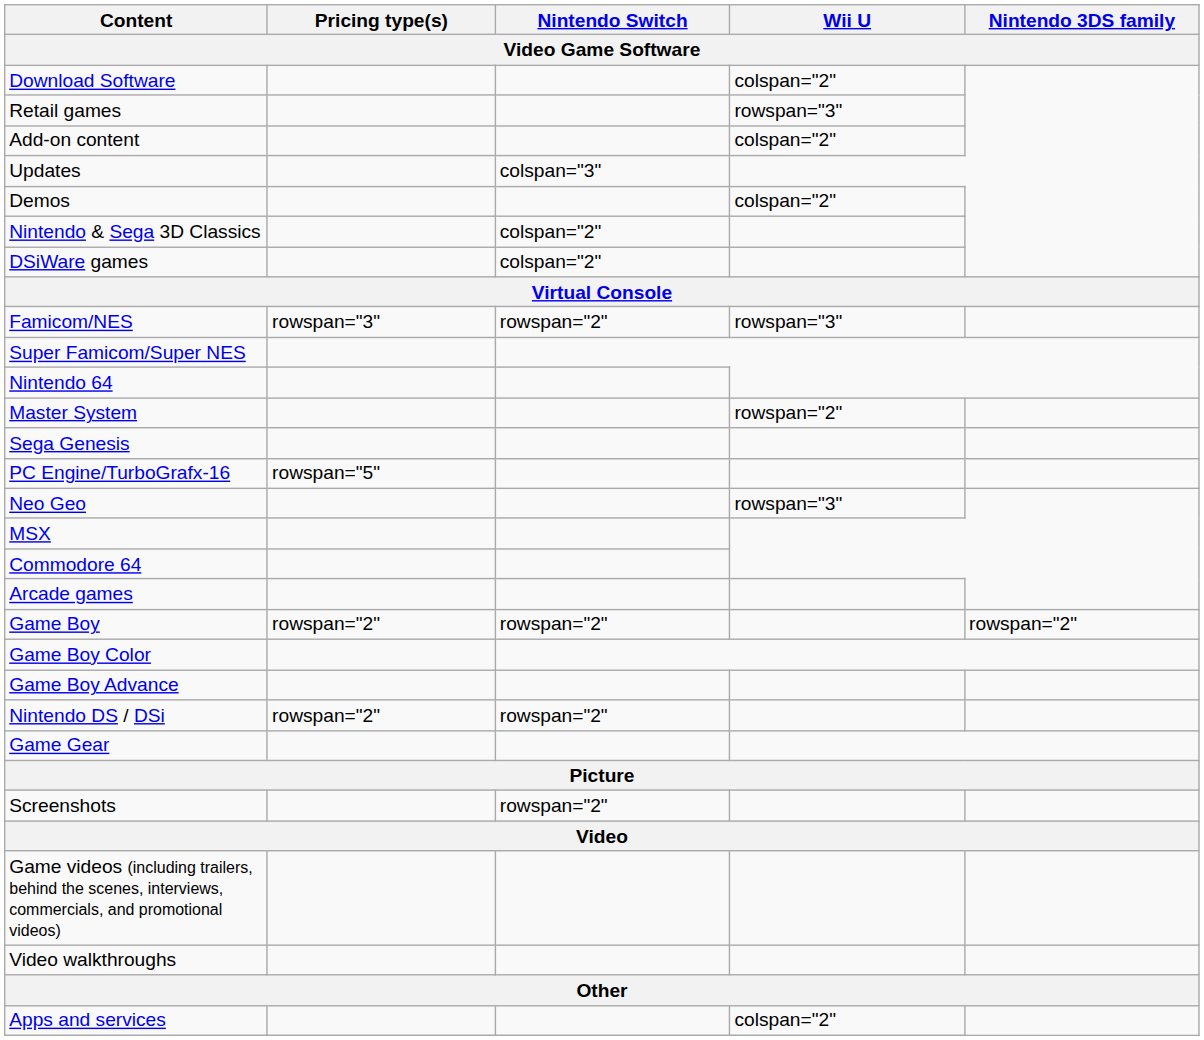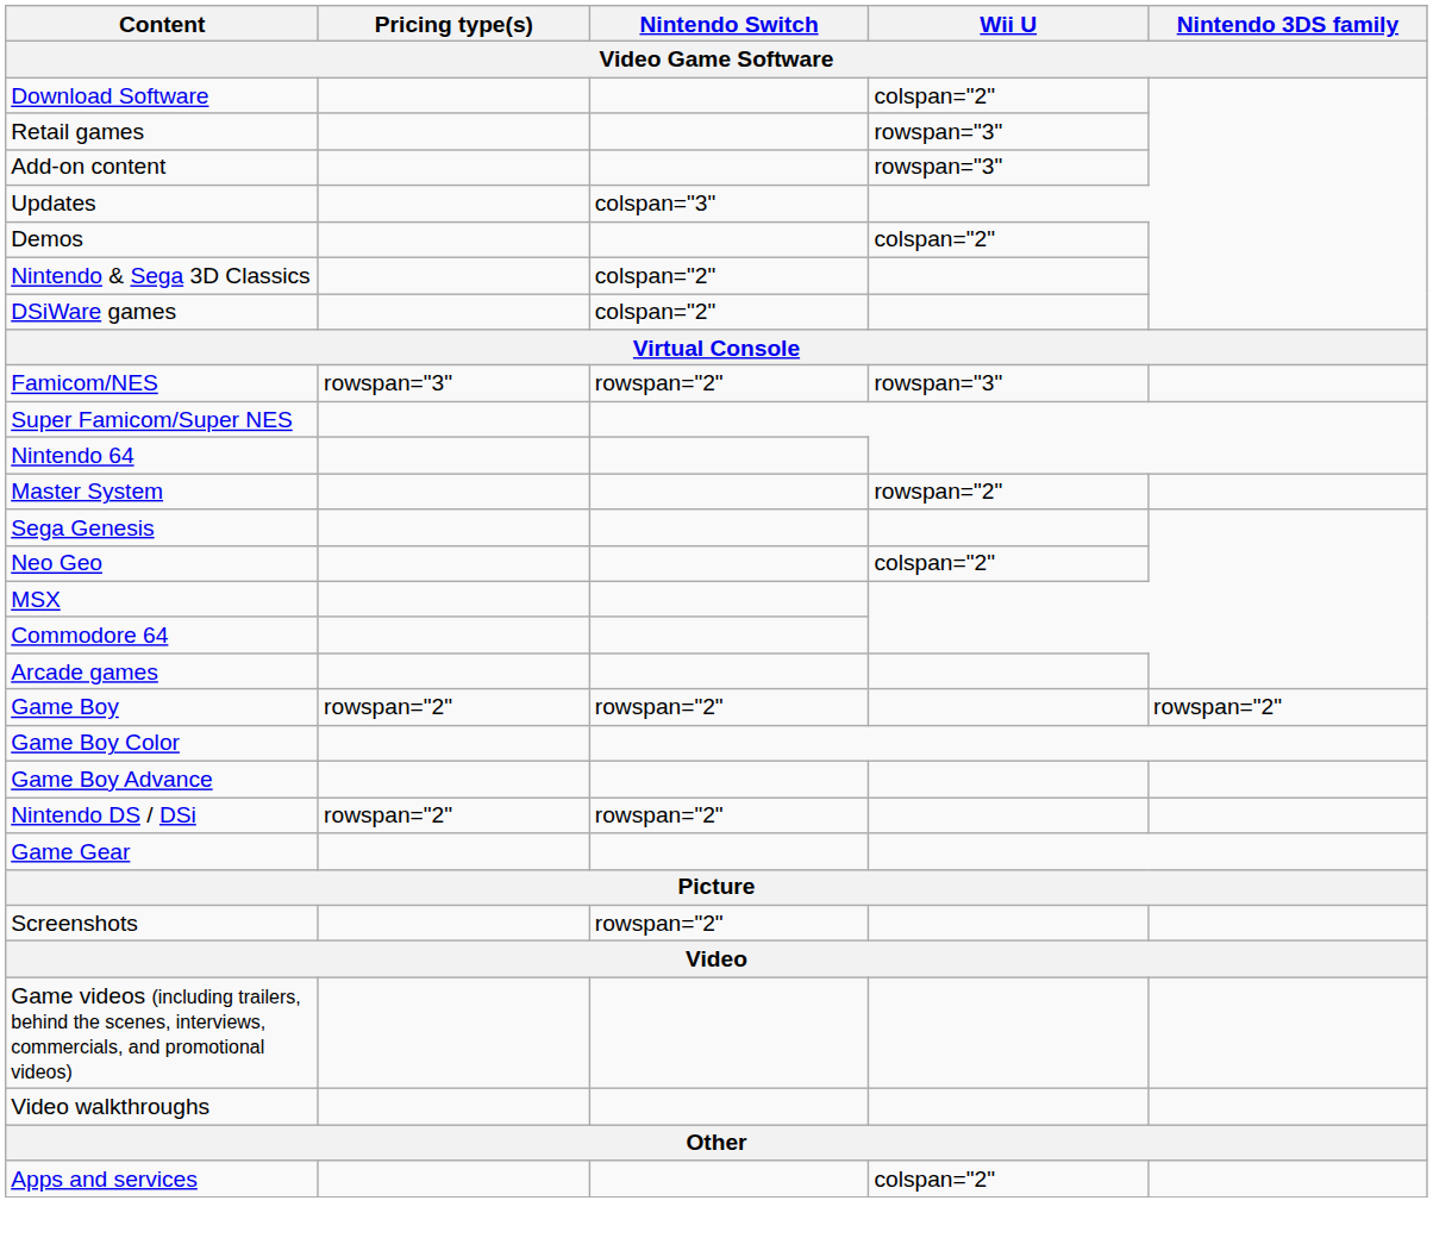 <table class="wikitable" style="font-size: 85%;">
 <tr>
 <th style="width:180px;">Content</th>
 <th style="width:155px;">Pricing type(s)</th>
 <th style="width:160px;"><a href='#'>Nintendo Switch</a></th>
 <th style="width:160px;"><a href='#'>Wii U</a></th>
 <th style="width:160px;"><a href='#'>Nintendo 3DS family</a></th>
 </tr>
 <tr>
 <th colspan="5">Video Game Software</th>
 </tr>
 <tr>
 <td><a href='#'>Download Software</a></td>
 <td></td>
 <td></td>
 <td>colspan="2" </td>
 </tr>
 <tr>
 <td>Retail games</td>
 <td></td>
 <td></td>
 <td>rowspan="3" </td>
 </tr>
 <tr>
 <td>Add-on content</td>
 <td></td>
 <td></td>
-<td>colspan="2" </td>
+<td>rowspan="3" </td>
 </tr>
 <tr>
 <td>Updates</td>
 <td></td>
 <td>colspan="3" </td>
 </tr>
 <tr>
 <td>Demos</td>
 <td></td>
 <td></td>
 <td>colspan="2" </td>
 </tr>
 <tr>
 <td><a href='#'>Nintendo</a> & <a href='#'>Sega</a> 3D Classics</td>
 <td></td>
 <td>colspan="2" </td>
 <td></td>
 </tr>
 <tr>
 <td><a href='#'>DSiWare</a> games</td>
 <td></td>
 <td>colspan="2" </td>
 <td></td>
 </tr>
 <tr>
 <th colspan="5"><a href='#'>Virtual Console</a></th>
 </tr>
 <tr>
 <td><a href='#'>Famicom/NES</a></td>
 <td>rowspan="3" </td>
 <td>rowspan="2" </td>
 <td>rowspan="3" </td>
 <td></td>
 </tr>
 <tr>
 <td><a href='#'>Super Famicom/Super NES</a></td>
 <td></td>
 </tr>
 <tr>
 <td><a href='#'>Nintendo 64</a></td>
 <td></td>
 <td></td>
 </tr>
 <tr>
 <td><a href='#'>Master System</a></td>
 <td></td>
 <td></td>
 <td>rowspan="2" </td>
 <td></td>
 </tr>
 <tr>
 <td><a href='#'>Sega Genesis</a></td>
 <td></td>
 <td></td>
 <td></td>
 </tr>
 <tr>
-<td><a href='#'>PC Engine/TurboGrafx-16</a></td>
-<td>rowspan="5" </td>
-<td></td>
-<td></td>
-<td></td>
-</tr>
-<tr>
 <td><a href='#'>Neo Geo</a></td>
 <td></td>
 <td></td>
-<td>rowspan="3" </td>
+<td>colspan="2" </td>
 </tr>
 <tr>
 <td><a href='#'>MSX</a></td>
 <td></td>
 <td></td>
 </tr>
 <tr>
 <td><a href='#'>Commodore 64</a></td>
 <td></td>
 <td></td>
 </tr>
 <tr>
 <td><a href='#'>Arcade games</a></td>
 <td></td>
 <td></td>
 <td></td>
 </tr>
 <tr>
 <td><a href='#'>Game Boy</a></td>
 <td>rowspan="2" </td>
 <td>rowspan="2" </td>
 <td></td>
 <td>rowspan="2" </td>
 </tr>
 <tr>
 <td><a href='#'>Game Boy Color</a></td>
 <td></td>
 </tr>
 <tr>
 <td><a href='#'>Game Boy Advance</a></td>
 <td></td>
 <td></td>
 <td></td>
 <td></td>
 </tr>
 <tr>
 <td><a href='#'>Nintendo DS</a> / <a href='#'>DSi</a></td>
 <td>rowspan="2" </td>
 <td>rowspan="2" </td>
 <td></td>
 <td></td>
 </tr>
 <tr>
 <td><a href='#'>Game Gear</a></td>
 <td></td>
 <td></td>
 </tr>
 <tr>
 <th colspan="5">Picture</th>
 </tr>
 <tr>
 <td>Screenshots</td>
 <td></td>
 <td>rowspan="2" </td>
 <td></td>
 </tr>
 <tr>
 <th colspan="5">Video</th>
 </tr>
 <tr>
 <td>Game videos <small>(including trailers, behind the scenes, interviews, commercials, and promotional videos)</small></td>
 <td></td>
 <td></td>
 <td></td>
 <td></td>
 </tr>
 <tr>
 <td>Video walkthroughs</td>
 <td></td>
 <td></td>
 <td></td>
 <td></td>
 </tr>
 <tr>
 <th colspan="5">Other</th>
 </tr>
 <tr>
 <td><a href='#'>Apps and services</a></td>
 <td></td>
 <td></td>
 <td>colspan="2" </td>
 </tr>
 <tr>
 </tr>
 </table>
